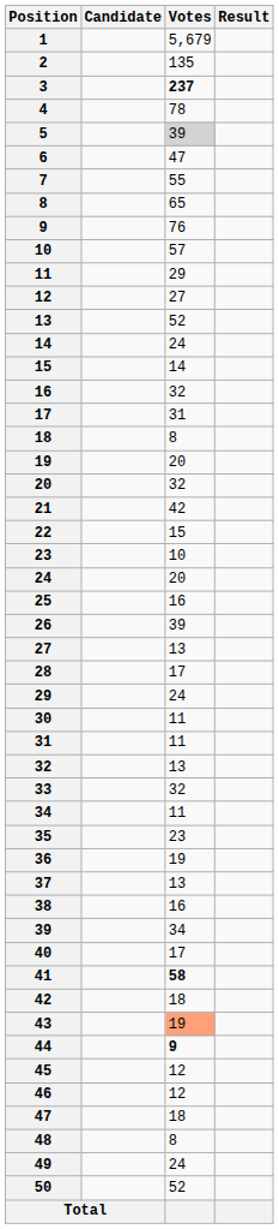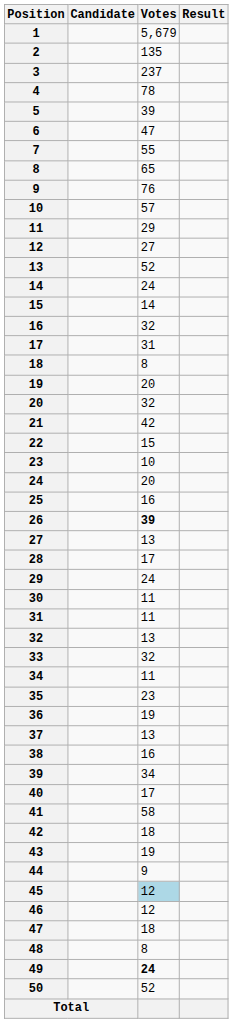 <table class="wikitable sortable col3right">
 <tr>
 <th scope="col">Position</th>
 <th scope="col">Candidate</th>
 <th scope="col">Votes</th>
 <th scope="col">Result</th>
 </tr>
 <tr>
 <th scope="row">1</th>
 <td></td>
 <td>5,679</td>
 <td></td>
 </tr>
 <tr>
 <th scope="row">2</th>
 <td></td>
 <td>135</td>
 <td></td>
 </tr>
 <tr>
 <th scope="row">3</th>
 <td></td>
-<td><strong>237</strong></td>
+<td>237</td>
 <td></td>
 </tr>
 <tr>
 <th scope="row">4</th>
 <td></td>
 <td>78</td>
 <td></td>
 </tr>
 <tr>
 <th scope="row">5</th>
 <td></td>
-<td style="background: lightgrey;">39</td>
+<td>39</td>
 <td></td>
 </tr>
 <tr>
 <th scope="row">6</th>
 <td></td>
 <td>47</td>
 <td></td>
 </tr>
 <tr>
 <th scope="row">7</th>
 <td></td>
 <td>55</td>
 <td></td>
 </tr>
 <tr>
 <th scope="row">8</th>
 <td></td>
 <td>65</td>
 <td></td>
 </tr>
 <tr>
 <th scope="row">9</th>
 <td></td>
 <td>76</td>
 <td></td>
 </tr>
 <tr>
 <th scope="row">10</th>
 <td></td>
 <td>57</td>
 <td></td>
 </tr>
 <tr>
 <th scope="row">11</th>
 <td></td>
 <td>29</td>
 <td></td>
 </tr>
 <tr>
 <th scope="row">12</th>
 <td></td>
 <td>27</td>
 <td></td>
 </tr>
 <tr>
 <th scope="row">13</th>
 <td></td>
 <td>52</td>
 <td></td>
 </tr>
 <tr>
 <th scope="row">14</th>
 <td></td>
 <td>24</td>
 <td></td>
 </tr>
 <tr>
 <th scope="row">15</th>
 <td></td>
 <td>14</td>
 <td></td>
 </tr>
 <tr>
 <th scope="row">16</th>
 <td></td>
 <td>32</td>
 <td></td>
 </tr>
 <tr>
 <th scope="row">17</th>
 <td></td>
 <td>31</td>
 <td></td>
 </tr>
 <tr>
 <th scope="row">18</th>
 <td></td>
 <td>8</td>
 <td></td>
 </tr>
 <tr>
 <th scope="row">19</th>
 <td></td>
 <td>20</td>
 <td></td>
 </tr>
 <tr>
 <th scope="row">20</th>
 <td></td>
 <td>32</td>
 <td></td>
 </tr>
 <tr>
 <th scope="row">21</th>
 <td></td>
 <td>42</td>
 <td></td>
 </tr>
 <tr>
 <th scope="row">22</th>
 <td></td>
 <td>15</td>
 <td></td>
 </tr>
 <tr>
 <th scope="row">23</th>
 <td></td>
 <td>10</td>
 <td></td>
 </tr>
 <tr>
 <th scope="row">24</th>
 <td></td>
 <td>20</td>
 <td></td>
 </tr>
 <tr>
 <th scope="row">25</th>
 <td></td>
 <td>16</td>
 <td></td>
 </tr>
 <tr>
 <th scope="row">26</th>
 <td></td>
-<td>39</td>
+<td><strong>39</strong></td>
 <td></td>
 </tr>
 <tr>
 <th scope="row">27</th>
 <td></td>
 <td>13</td>
 <td></td>
 </tr>
 <tr>
 <th scope="row">28</th>
 <td></td>
 <td>17</td>
 <td></td>
 </tr>
 <tr>
 <th scope="row">29</th>
 <td></td>
 <td>24</td>
 <td></td>
 </tr>
 <tr>
 <th scope="row">30</th>
 <td></td>
 <td>11</td>
 <td></td>
 </tr>
 <tr>
 <th scope="row">31</th>
 <td></td>
 <td>11</td>
 <td></td>
 </tr>
 <tr>
 <th scope="row">32</th>
 <td></td>
 <td>13</td>
 <td></td>
 </tr>
 <tr>
 <th scope="row">33</th>
 <td></td>
 <td>32</td>
 <td></td>
 </tr>
 <tr>
 <th scope="row">34</th>
 <td></td>
 <td>11</td>
 <td></td>
 </tr>
 <tr>
 <th scope="row">35</th>
 <td></td>
 <td>23</td>
 <td></td>
 </tr>
 <tr>
 <th scope="row">36</th>
 <td></td>
 <td>19</td>
 <td></td>
 </tr>
 <tr>
 <th scope="row">37</th>
 <td></td>
 <td>13</td>
 <td></td>
 </tr>
 <tr>
 <th scope="row">38</th>
 <td></td>
 <td>16</td>
 <td></td>
 </tr>
 <tr>
 <th scope="row">39</th>
 <td></td>
 <td>34</td>
 <td></td>
 </tr>
 <tr>
 <th scope="row">40</th>
 <td></td>
 <td>17</td>
 <td></td>
 </tr>
 <tr>
 <th scope="row">41</th>
 <td></td>
-<td><strong>58</strong></td>
+<td>58</td>
 <td></td>
 </tr>
 <tr>
 <th scope="row">42</th>
 <td></td>
 <td>18</td>
 <td></td>
 </tr>
 <tr>
 <th scope="row">43</th>
 <td></td>
-<td style="background: lightsalmon;">19</td>
+<td>19</td>
 <td></td>
 </tr>
 <tr>
 <th scope="row">44</th>
 <td></td>
-<td><strong>9</strong></td>
+<td>9</td>
 <td></td>
 </tr>
 <tr>
 <th scope="row">45</th>
 <td></td>
-<td>12</td>
+<td style="background: lightblue;">12</td>
 <td></td>
 </tr>
 <tr>
 <th scope="row">46</th>
 <td></td>
 <td>12</td>
 <td></td>
 </tr>
 <tr>
 <th scope="row">47</th>
 <td></td>
 <td>18</td>
 <td></td>
 </tr>
 <tr>
 <th scope="row">48</th>
 <td></td>
 <td>8</td>
 <td></td>
 </tr>
 <tr>
 <th scope="row">49</th>
 <td></td>
-<td>24</td>
+<td><strong>24</strong></td>
 <td></td>
 </tr>
 <tr>
 <th scope="row">50</th>
 <td></td>
 <td>52</td>
 <td></td>
 </tr>
 <tr class="sortbottom">
 <th scope="row" colspan="2">Total</th>
 <th></th>
 <th></th>
 </tr>
 </table>
